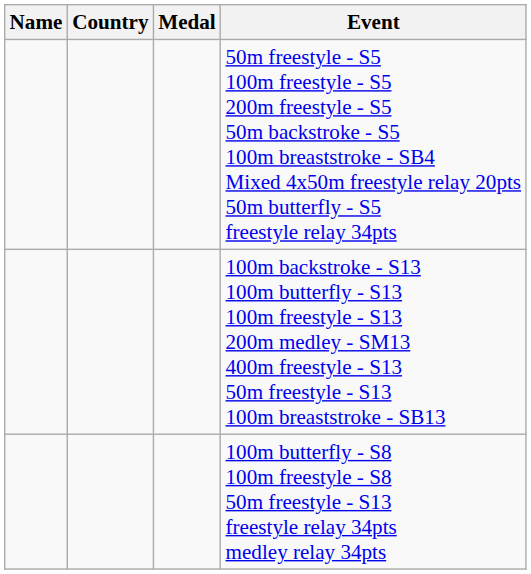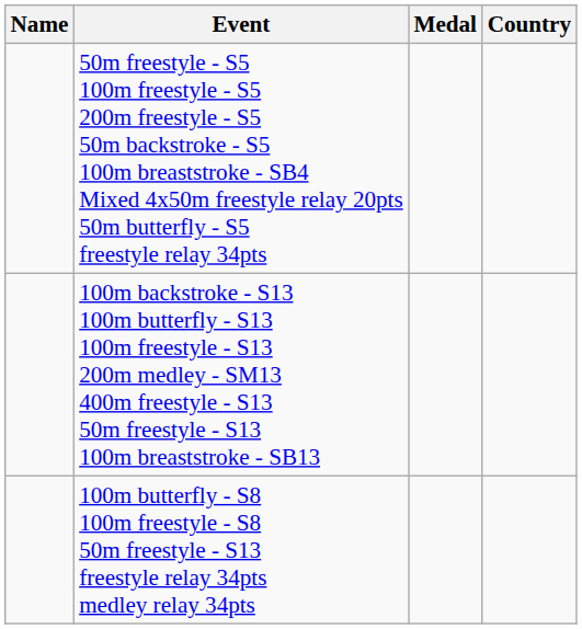 <table class="wikitable sortable" style="font-size:95%">
 <tr>
 <th>Name</th>
+<th>Event</th>
+<th>Medal</th>
 <th>Country</th>
-<th>Medal</th>
-<th>Event</th>
 </tr>
 <tr>
 <td></td>
+<td><a href='#'>50m freestyle - S5</a><br><a href='#'>100m freestyle - S5</a> <br> <a href='#'>200m freestyle - S5</a><br><a href='#'>50m backstroke - S5</a><br> <a href='#'>100m breaststroke - SB4</a><br> <a href='#'>Mixed 4x50m freestyle relay 20pts</a><br><a href='#'>50m butterfly - S5</a><br><a href='#'> freestyle relay 34pts</a></td>
+<td><br> <br><br> <br><br> <br><br><br></td>
 <td></td>
-<td><br> <br><br> <br><br> <br><br><br></td>
-<td><a href='#'>50m freestyle - S5</a><br><a href='#'>100m freestyle - S5</a> <br> <a href='#'>200m freestyle - S5</a><br><a href='#'>50m backstroke - S5</a><br> <a href='#'>100m breaststroke - SB4</a><br> <a href='#'>Mixed 4x50m freestyle relay 20pts</a><br><a href='#'>50m butterfly - S5</a><br><a href='#'> freestyle relay 34pts</a></td>
 </tr>
 <tr>
 <td></td>
+<td><a href='#'>100m backstroke - S13</a> <br> <a href='#'>100m butterfly - S13</a><br><a href='#'>100m freestyle - S13</a><br> <a href='#'>200m medley - SM13</a><br><a href='#'>400m freestyle - S13</a><br><a href='#'>50m freestyle - S13</a><br> <a href='#'>100m breaststroke - SB13</a></td>
+<td><br> <br> <br><br><br><br><br></td>
 <td></td>
-<td><br> <br> <br><br><br><br><br></td>
-<td><a href='#'>100m backstroke - S13</a> <br> <a href='#'>100m butterfly - S13</a><br><a href='#'>100m freestyle - S13</a><br> <a href='#'>200m medley - SM13</a><br><a href='#'>400m freestyle - S13</a><br><a href='#'>50m freestyle - S13</a><br> <a href='#'>100m breaststroke - SB13</a></td>
 </tr>
 <tr>
 <td></td>
+<td><a href='#'>100m butterfly - S8</a> <br> <a href='#'>100m freestyle - S8</a><br><a href='#'>50m freestyle - S13</a><br> <a href='#'> freestyle relay 34pts</a><br> <a href='#'> medley relay 34pts</a></td>
+<td><br> <br> <br><br><br></td>
 <td></td>
-<td><br> <br> <br><br><br></td>
-<td><a href='#'>100m butterfly - S8</a> <br> <a href='#'>100m freestyle - S8</a><br><a href='#'>50m freestyle - S13</a><br> <a href='#'> freestyle relay 34pts</a><br> <a href='#'> medley relay 34pts</a></td>
 </tr>
 </table>
